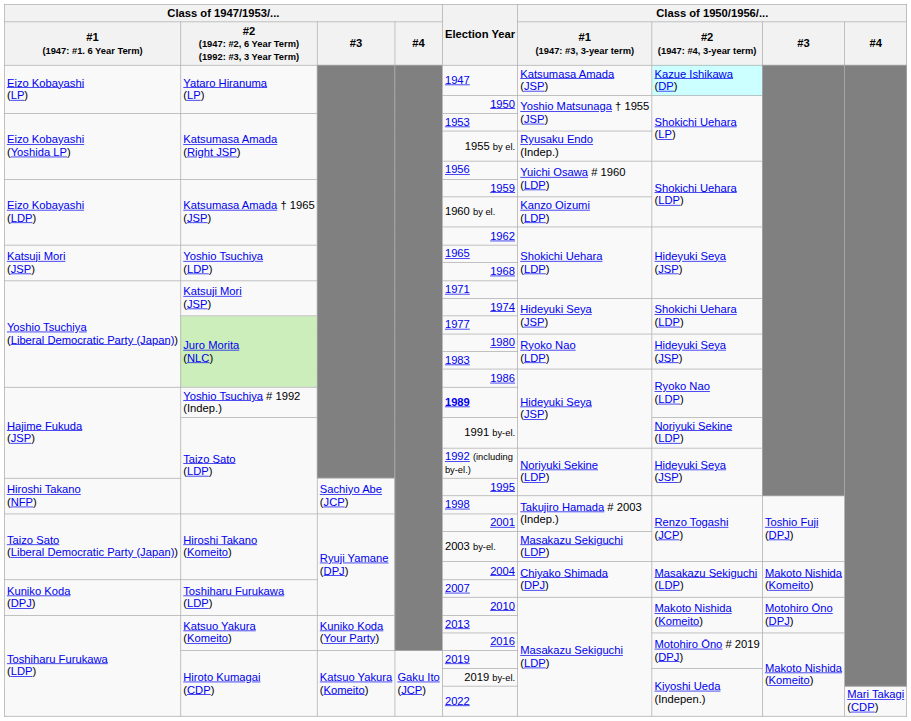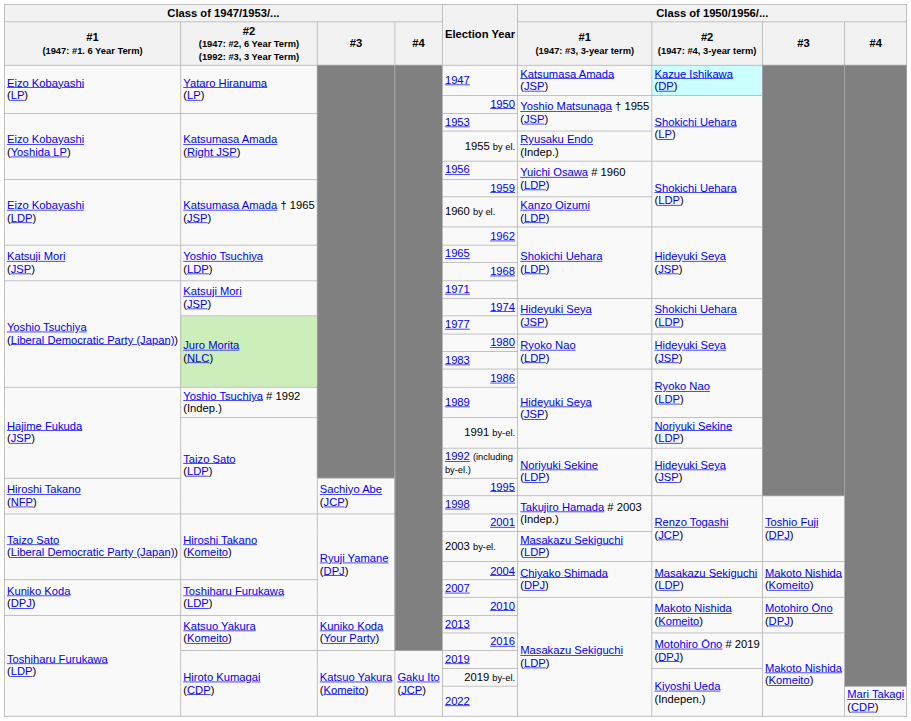 <table class="wikitable">
 <tr>
 <th colspan="4">Class of 1947/1953/...</th>
 <th rowspan="2">Election Year</th>
 <th colspan="4">Class of 1950/1956/...</th>
 </tr>
 <tr>
 <th>#1<br><small>(1947: #1. 6 Year Term)</small></th>
 <th>#2<br><small>(1947: #2, 6 Year Term)</small><br><small>(1992: #3, 3 Year Term)</small></th>
 <th>#3</th>
 <th>#4</th>
 <th>#1<br><small>(1947: #3, 3-year term)</small></th>
 <th>#2<br><small>(1947: #4, 3-year term)</small></th>
 <th>#3</th>
 <th>#4</th>
 </tr>
 <tr>
 <td rowspan="2" ><a href='#'>Eizo Kobayashi</a><br>(<a href='#'>LP</a>)</td>
 <td rowspan="2" ><a href='#'>Yataro Hiranuma</a><br>(<a href='#'>LP</a>)</td>
 <td rowspan="19" bgcolor=grey></td>
 <td rowspan="28" bgcolor=grey></td>
 <td align="left"><a href='#'>1947</a></td>
 <td><a href='#'>Katsumasa Amada</a><br>(<a href='#'>JSP</a>)</td>
 <td bgcolor="#ccffff"><a href='#'>Kazue Ishikawa</a><br>(<a href='#'>DP</a>)</td>
 <td rowspan="20" bgcolor=grey></td>
 <td rowspan="30" bgcolor=grey></td>
 </tr>
 <tr>
 <td align="right"><a href='#'>1950</a></td>
 <td rowspan="2" ><a href='#'>Yoshio Matsunaga</a> † 1955<br>(<a href='#'>JSP</a>)</td>
 <td rowspan="3" ><a href='#'>Shokichi Uehara</a><br>(<a href='#'>LP</a>)</td>
 </tr>
 <tr>
 <td rowspan="3" ><a href='#'>Eizo Kobayashi</a><br>(<a href='#'>Yoshida LP</a>)</td>
 <td rowspan="3" ><a href='#'>Katsumasa Amada</a><br>(<a href='#'>Right JSP</a>)</td>
 <td align="left"><a href='#'>1953</a></td>
 </tr>
 <tr>
 <td align="right">1955 <small>by el.</small></td>
 <td><a href='#'>Ryusaku Endo</a><br>(Indep.)</td>
 </tr>
 <tr>
 <td align="left"><a href='#'>1956</a></td>
 <td rowspan="2" ><a href='#'>Yuichi Osawa</a>  # 1960<br>(<a href='#'>LDP</a>)</td>
 <td rowspan="3" ><a href='#'>Shokichi Uehara</a><br>(<a href='#'>LDP</a>)</td>
 </tr>
 <tr>
 <td rowspan="3" ><a href='#'>Eizo Kobayashi</a><br>(<a href='#'>LDP</a>)</td>
 <td rowspan="3" ><a href='#'>Katsumasa Amada</a> † 1965<br>(<a href='#'>JSP</a>)</td>
 <td align="right"><a href='#'>1959</a></td>
 </tr>
 <tr>
 <td align="left">1960 <small>by el.</small></td>
 <td><a href='#'>Kanzo Oizumi</a><br>(<a href='#'>LDP</a>)</td>
 </tr>
 <tr>
 <td align="right"><a href='#'>1962</a></td>
 <td rowspan="4" ><a href='#'>Shokichi Uehara</a><br>(<a href='#'>LDP</a>)</td>
 <td rowspan="4" ><a href='#'>Hideyuki Seya</a><br>(<a href='#'>JSP</a>)</td>
 </tr>
 <tr>
 <td rowspan="2" ><a href='#'>Katsuji Mori</a><br>(<a href='#'>JSP</a>)</td>
 <td rowspan="2" ><a href='#'>Yoshio Tsuchiya</a><br>(<a href='#'>LDP</a>)</td>
 <td align="left"><a href='#'>1965</a></td>
 </tr>
 <tr>
 <td align="right"><a href='#'>1968</a></td>
 </tr>
 <tr>
 <td rowspan="6" ><a href='#'>Yoshio Tsuchiya</a><br>(<a href='#'>Liberal Democratic Party (Japan)</a>)</td>
 <td rowspan="2" ><a href='#'>Katsuji Mori</a><br>(<a href='#'>JSP</a>)</td>
 <td align="left"><a href='#'>1971</a></td>
 </tr>
 <tr>
 <td align="right"><a href='#'>1974</a></td>
 <td rowspan="2" ><a href='#'>Hideyuki Seya</a><br>(<a href='#'>JSP</a>)</td>
 <td rowspan="2" ><a href='#'>Shokichi Uehara</a><br>(<a href='#'>LDP</a>)</td>
 </tr>
 <tr>
 <td rowspan="4" bgcolor="#CCEEBB"><a href='#'>Juro Morita</a><br>(<a href='#'>NLC</a>)</td>
 <td align="left"><a href='#'>1977</a></td>
 </tr>
 <tr>
 <td align="right"><a href='#'>1980</a></td>
 <td rowspan="2" ><a href='#'>Ryoko Nao</a><br>(<a href='#'>LDP</a>)</td>
 <td rowspan="2" ><a href='#'>Hideyuki Seya</a><br>(<a href='#'>JSP</a>)</td>
 </tr>
 <tr>
 <td align="left"><a href='#'>1983</a></td>
 </tr>
 <tr>
 <td align="right"><a href='#'>1986</a></td>
 <td rowspan="3" ><a href='#'>Hideyuki Seya</a><br>(<a href='#'>JSP</a>)</td>
 <td rowspan="2" ><a href='#'>Ryoko Nao</a><br>(<a href='#'>LDP</a>)</td>
 </tr>
 <tr>
 <td rowspan="3" ><a href='#'>Hajime Fukuda</a><br>(<a href='#'>JSP</a>)</td>
 <td><a href='#'>Yoshio Tsuchiya</a> # 1992<br>(Indep.)</td>
-<td align="left"><strong><a href='#'>1989</a></strong></td>
+<td align="left"><a href='#'>1989</a></td>
 </tr>
 <tr>
 <td rowspan="4" ><a href='#'>Taizo Sato</a><br>(<a href='#'>LDP</a>)</td>
 <td align="right">1991 <small>by-el.</small></td>
 <td><a href='#'>Noriyuki Sekine</a><br>(<a href='#'>LDP</a>)</td>
 </tr>
 <tr>
 <td align="left"><a href='#'>1992</a> <small>(including</small><br><small>by-el.)</small></td>
 <td rowspan="2" ><a href='#'>Noriyuki Sekine</a><br>(<a href='#'>LDP</a>)</td>
 <td rowspan="2" ><a href='#'>Hideyuki Seya</a><br>(<a href='#'>JSP</a>)</td>
 </tr>
 <tr>
 <td rowspan="2" ><a href='#'>Hiroshi Takano</a><br>(<a href='#'>NFP</a>)</td>
 <td rowspan="2" ><a href='#'>Sachiyo Abe</a><br>(<a href='#'>JCP</a>)</td>
 <td align="right"><a href='#'>1995</a></td>
 </tr>
 <tr>
 <td align="left"><a href='#'>1998</a></td>
 <td rowspan="2"><a href='#'>Takujiro Hamada</a> # 2003<br>(Indep.)</td>
 <td rowspan="3" ><a href='#'>Renzo Togashi</a><br>(<a href='#'>JCP</a>)</td>
 <td rowspan="3" ><a href='#'>Toshio Fuji</a><br>(<a href='#'>DPJ</a>)</td>
 </tr>
 <tr>
 <td rowspan="3" ><a href='#'>Taizo Sato</a><br>(<a href='#'>Liberal Democratic Party (Japan)</a>)</td>
 <td rowspan="3" ><a href='#'>Hiroshi Takano</a><br>(<a href='#'>Komeito</a>)</td>
 <td rowspan="5" ><a href='#'>Ryuji Yamane</a><br>(<a href='#'>DPJ</a>)</td>
 <td align="right"><a href='#'>2001</a></td>
 </tr>
 <tr>
 <td align="left">2003 <small>by-el.</small></td>
 <td><a href='#'>Masakazu Sekiguchi</a><br>(<a href='#'>LDP</a>)</td>
 </tr>
 <tr>
 <td align="right"><a href='#'>2004</a></td>
 <td rowspan="2" ><a href='#'>Chiyako Shimada</a><br>(<a href='#'>DPJ</a>)</td>
 <td rowspan="2" ><a href='#'>Masakazu Sekiguchi</a><br>(<a href='#'>LDP</a>)</td>
 <td rowspan="2" ><a href='#'>Makoto Nishida</a><br>(<a href='#'>Komeito</a>)</td>
 </tr>
 <tr>
 <td rowspan="2" ><a href='#'>Kuniko Koda</a><br>(<a href='#'>DPJ</a>)</td>
 <td rowspan="2" ><a href='#'>Toshiharu Furukawa</a><br>(<a href='#'>LDP</a>)</td>
 <td align="left"><a href='#'>2007</a></td>
 </tr>
 <tr>
 <td align="right"><a href='#'>2010</a></td>
 <td rowspan="6" ><a href='#'>Masakazu Sekiguchi</a><br>(<a href='#'>LDP</a>)</td>
 <td rowspan="2" ><a href='#'>Makoto Nishida</a><br>(<a href='#'>Komeito</a>)</td>
 <td rowspan="2" ><a href='#'>Motohiro Ōno</a><br>(<a href='#'>DPJ</a>)</td>
 </tr>
 <tr>
 <td rowspan="5" ><a href='#'>Toshiharu Furukawa</a><br>(<a href='#'>LDP</a>)</td>
 <td rowspan="2" ><a href='#'>Katsuo Yakura</a><br>(<a href='#'>Komeito</a>)</td>
 <td rowspan="2" ><a href='#'>Kuniko Koda</a> <br>(<a href='#'>Your Party</a>)</td>
 <td align="left"><a href='#'>2013</a></td>
 </tr>
 <tr>
 <td align="right"><a href='#'>2016</a></td>
 <td rowspan="2" ><a href='#'>Motohiro Ōno</a> # 2019<br>(<a href='#'>DPJ</a>)</td>
 <td rowspan="4" ><a href='#'>Makoto Nishida</a><br>(<a href='#'>Komeito</a>)</td>
 </tr>
 <tr>
 <td rowspan="3" ><a href='#'>Hiroto Kumagai</a><br>(<a href='#'>CDP</a>)</td>
 <td rowspan="3" ><a href='#'>Katsuo Yakura</a><br>(<a href='#'>Komeito</a>)</td>
 <td rowspan="3" ><a href='#'>Gaku Ito</a><br>(<a href='#'>JCP</a>)</td>
 <td align="left"><a href='#'>2019</a></td>
 </tr>
 <tr>
 <td align="right">2019 <small>by-el.</small></td>
 <td rowspan="2"><a href='#'>Kiyoshi Ueda</a><br>(Indepen.)</td>
 </tr>
 <tr>
 <td align="left"><a href='#'>2022</a></td>
 <td><a href='#'>Mari Takagi</a><br>(<a href='#'>CDP</a>)</td>
 </tr>
 </table>
